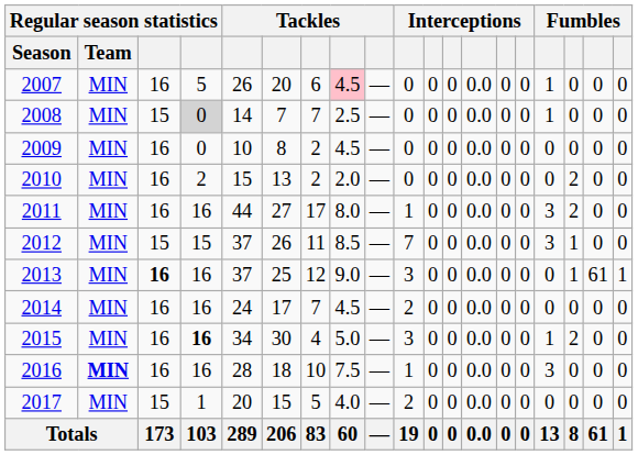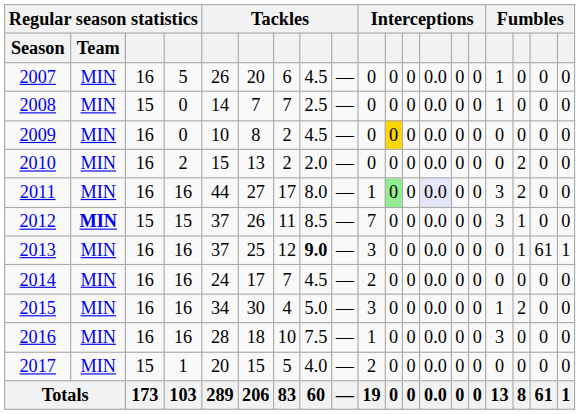 <table class="wikitable" style="text-align:center;">
 <tr>
 <th colspan="4">Regular season statistics</th>
 <th colspan="5">Tackles</th>
 <th colspan="6">Interceptions</th>
 <th colspan="4">Fumbles</th>
 </tr>
 <tr>
 <th>Season</th>
 <th>Team</th>
 <th></th>
 <th></th>
 <th></th>
 <th></th>
 <th></th>
 <th></th>
 <th></th>
 <th></th>
 <th></th>
 <th></th>
 <th></th>
 <th></th>
 <th></th>
 <th></th>
 <th></th>
 <th></th>
 <th></th>
 </tr>
 <tr>
 <td><a href='#'>2007</a></td>
 <td><a href='#'>MIN</a></td>
 <td>16</td>
 <td>5</td>
 <td>26</td>
 <td>20</td>
 <td>6</td>
-<td style="background: pink;">4.5</td>
+<td>4.5</td>
 <td>—</td>
 <td>0</td>
 <td>0</td>
 <td>0</td>
 <td>0.0</td>
 <td>0</td>
 <td>0</td>
 <td>1</td>
 <td>0</td>
 <td>0</td>
 <td>0</td>
 </tr>
 <tr>
 <td><a href='#'>2008</a></td>
 <td><a href='#'>MIN</a></td>
 <td>15</td>
-<td style="background: lightgrey;">0</td>
+<td>0</td>
 <td>14</td>
 <td>7</td>
 <td>7</td>
 <td>2.5</td>
 <td>—</td>
 <td>0</td>
 <td>0</td>
 <td>0</td>
 <td>0.0</td>
 <td>0</td>
 <td>0</td>
 <td>1</td>
 <td>0</td>
 <td>0</td>
 <td>0</td>
 </tr>
 <tr>
 <td><a href='#'>2009</a></td>
 <td><a href='#'>MIN</a></td>
 <td>16</td>
 <td>0</td>
 <td>10</td>
 <td>8</td>
 <td>2</td>
 <td>4.5</td>
 <td>—</td>
 <td>0</td>
-<td>0</td>
+<td style="background: gold;">0</td>
 <td>0</td>
 <td>0.0</td>
 <td>0</td>
 <td>0</td>
 <td>0</td>
 <td>0</td>
 <td>0</td>
 <td>0</td>
 </tr>
 <tr>
 <td><a href='#'>2010</a></td>
 <td><a href='#'>MIN</a></td>
 <td>16</td>
 <td>2</td>
 <td>15</td>
 <td>13</td>
 <td>2</td>
 <td>2.0</td>
 <td>—</td>
 <td>0</td>
 <td>0</td>
 <td>0</td>
 <td>0.0</td>
 <td>0</td>
 <td>0</td>
 <td>0</td>
 <td>2</td>
 <td>0</td>
 <td>0</td>
 </tr>
 <tr>
 <td><a href='#'>2011</a></td>
 <td><a href='#'>MIN</a></td>
 <td>16</td>
 <td>16</td>
 <td>44</td>
 <td>27</td>
 <td>17</td>
 <td>8.0</td>
 <td>—</td>
 <td>1</td>
+<td style="background: lightgreen;">0</td>
 <td>0</td>
-<td>0</td>
-<td>0.0</td>
+<td style="background: lavender;">0.0</td>
 <td>0</td>
 <td>0</td>
 <td>3</td>
 <td>2</td>
 <td>0</td>
 <td>0</td>
 </tr>
 <tr>
 <td><a href='#'>2012</a></td>
-<td><a href='#'>MIN</a></td>
+<td><strong><a href='#'>MIN</a></strong></td>
 <td>15</td>
 <td>15</td>
 <td>37</td>
 <td>26</td>
 <td>11</td>
 <td>8.5</td>
 <td>—</td>
 <td>7</td>
 <td>0</td>
 <td>0</td>
 <td>0.0</td>
 <td>0</td>
 <td>0</td>
 <td>3</td>
 <td>1</td>
 <td>0</td>
 <td>0</td>
 </tr>
 <tr>
 <td><a href='#'>2013</a></td>
 <td><a href='#'>MIN</a></td>
-<td><strong>16</strong></td>
+<td>16</td>
 <td>16</td>
 <td>37</td>
 <td>25</td>
 <td>12</td>
-<td>9.0</td>
+<td><strong>9.0</strong></td>
 <td>—</td>
 <td>3</td>
 <td>0</td>
 <td>0</td>
 <td>0.0</td>
 <td>0</td>
 <td>0</td>
 <td>0</td>
 <td>1</td>
 <td>61</td>
 <td>1</td>
 </tr>
 <tr>
 <td><a href='#'>2014</a></td>
 <td><a href='#'>MIN</a></td>
 <td>16</td>
 <td>16</td>
 <td>24</td>
 <td>17</td>
 <td>7</td>
 <td>4.5</td>
 <td>—</td>
 <td>2</td>
 <td>0</td>
 <td>0</td>
 <td>0.0</td>
 <td>0</td>
 <td>0</td>
 <td>0</td>
 <td>0</td>
 <td>0</td>
 <td>0</td>
 </tr>
 <tr>
 <td><a href='#'>2015</a></td>
 <td><a href='#'>MIN</a></td>
 <td>16</td>
-<td><strong>16</strong></td>
+<td>16</td>
 <td>34</td>
 <td>30</td>
 <td>4</td>
 <td>5.0</td>
 <td>—</td>
 <td>3</td>
 <td>0</td>
 <td>0</td>
 <td>0.0</td>
 <td>0</td>
 <td>0</td>
 <td>1</td>
 <td>2</td>
 <td>0</td>
 <td>0</td>
 </tr>
 <tr>
 <td><a href='#'>2016</a></td>
-<td><strong><a href='#'>MIN</a></strong></td>
+<td><a href='#'>MIN</a></td>
 <td>16</td>
 <td>16</td>
 <td>28</td>
 <td>18</td>
 <td>10</td>
 <td>7.5</td>
 <td>—</td>
 <td>1</td>
 <td>0</td>
 <td>0</td>
 <td>0.0</td>
 <td>0</td>
 <td>0</td>
 <td>3</td>
 <td>0</td>
 <td>0</td>
 <td>0</td>
 </tr>
 <tr>
 <td><a href='#'>2017</a></td>
 <td><a href='#'>MIN</a></td>
 <td>15</td>
 <td>1</td>
 <td>20</td>
 <td>15</td>
 <td>5</td>
 <td>4.0</td>
 <td>—</td>
 <td>2</td>
 <td>0</td>
 <td>0</td>
 <td>0.0</td>
 <td>0</td>
 <td>0</td>
 <td>0</td>
 <td>0</td>
 <td>0</td>
 <td>0</td>
 </tr>
 <tr>
 <th colspan="2">Totals</th>
 <th>173</th>
 <th>103</th>
 <th>289</th>
 <th>206</th>
 <th>83</th>
 <th>60</th>
 <th>—</th>
 <th>19</th>
 <th>0</th>
 <th>0</th>
 <th>0.0</th>
 <th>0</th>
 <th>0</th>
 <th>13</th>
 <th>8</th>
 <th>61</th>
 <th>1</th>
 </tr>
 </table>
